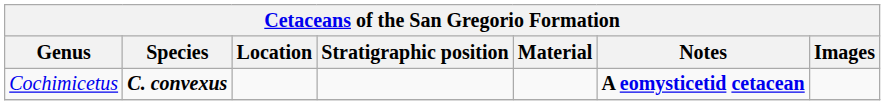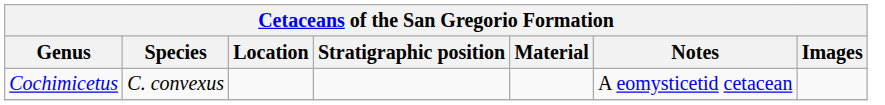 <table class="wikitable" align="center">
 <tr>
 <th colspan="7" align="center"><a href='#'>Cetaceans</a> of the San Gregorio Formation</th>
 </tr>
 <tr>
 <th>Genus</th>
 <th>Species</th>
 <th>Location</th>
 <th>Stratigraphic position</th>
 <th>Material</th>
 <th>Notes</th>
 <th>Images</th>
 </tr>
 <tr>
 <td><em><a href='#'>Cochimicetus</a></em></td>
-<td><strong><em>C. convexus</em></strong></td>
+<td><em>C. convexus</em></td>
 <td></td>
 <td></td>
 <td></td>
-<td><strong>A <a href='#'>eomysticetid</a> <a href='#'>cetacean</a></strong></td>
+<td>A <a href='#'>eomysticetid</a> <a href='#'>cetacean</a></td>
 <td></td>
 </tr>
 <tr>
 </tr>
 </table>
